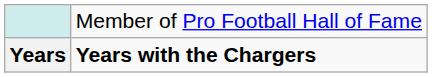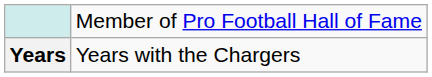 <table class="wikitable" border="1">
 <tr>
 <td style="background:#CFECEC;"></td>
 <td>Member of <a href='#'>Pro Football Hall of Fame</a></td>
 </tr>
 <tr>
 <th scope="row">Years</th>
-<td><strong>Years with the Chargers</strong></td>
+<td>Years with the Chargers</td>
 </tr>
 </table>
